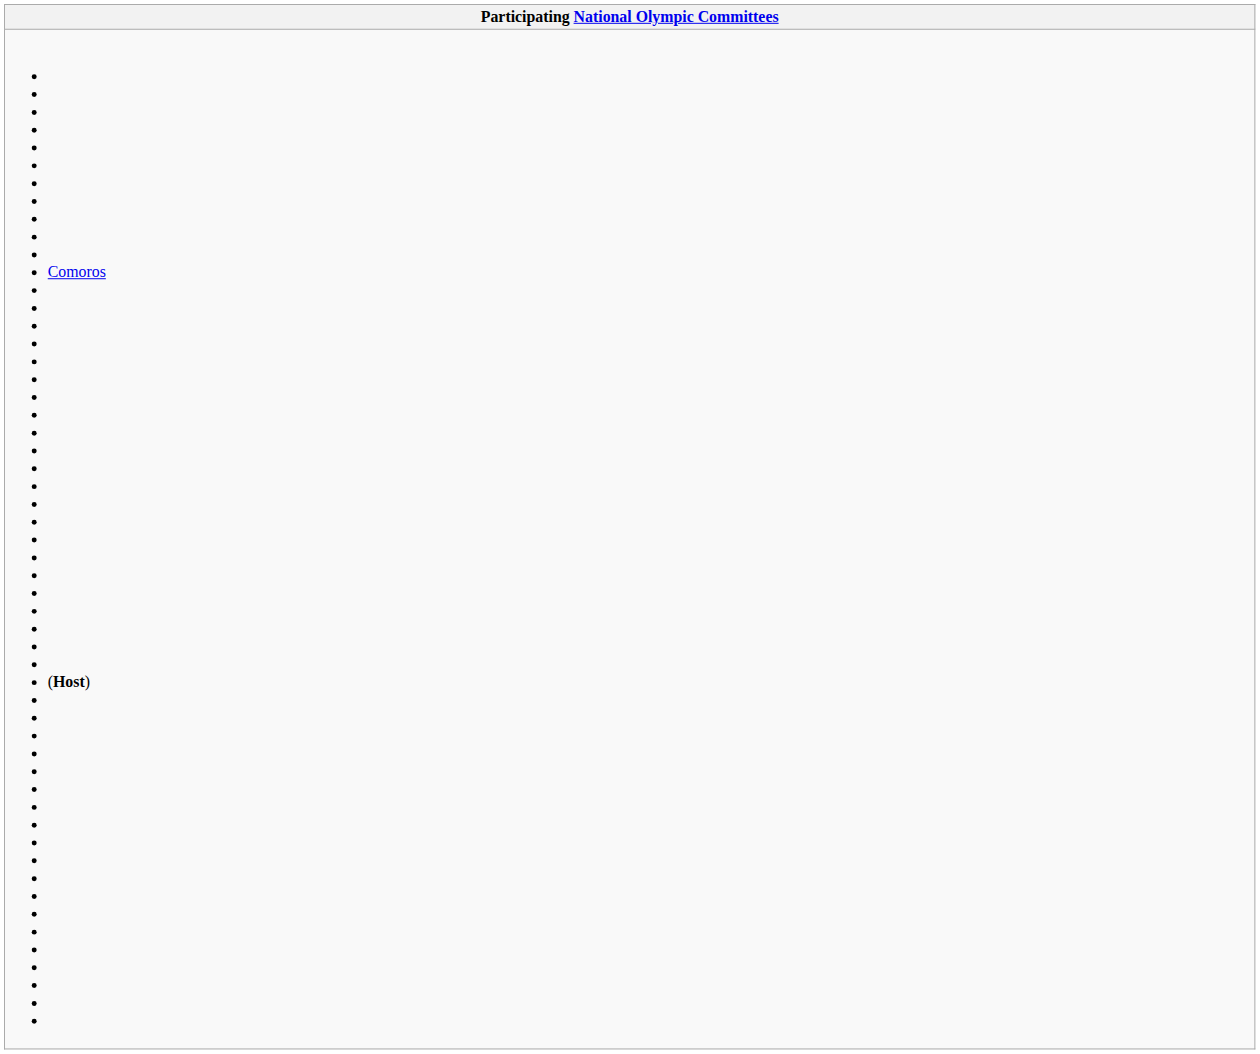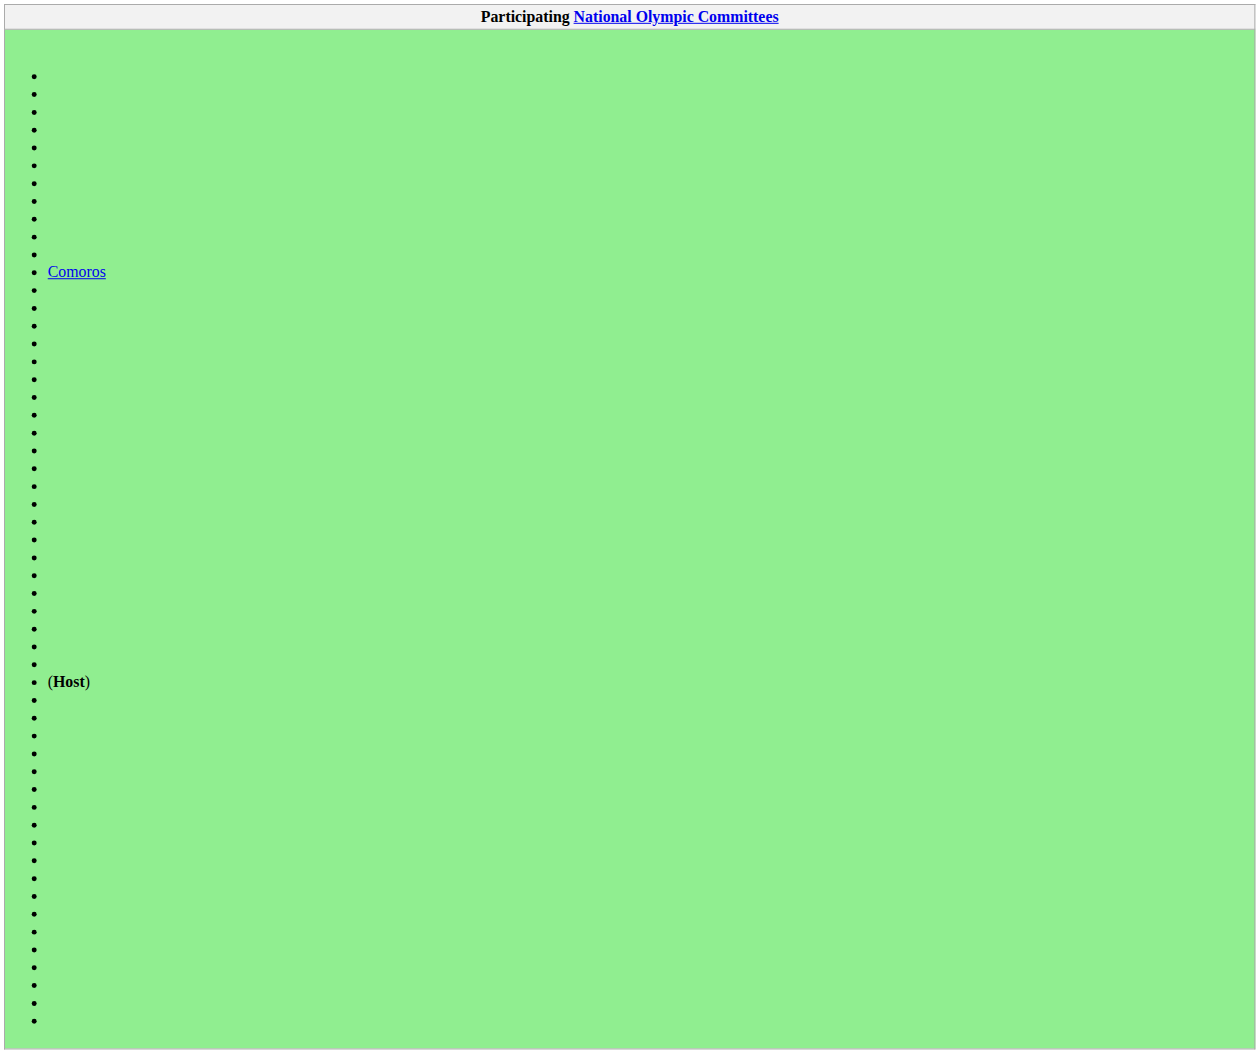 <table class="wikitable collapsible" style="width:100%">
 <tr>
 <th>Participating <a href='#'>National Olympic Committees</a></th>
 </tr>
 <tr>
-<td><br><ul><li></li><li></li><li></li><li></li><li></li><li></li><li></li><li></li><li></li><li></li><li></li><li> <a href='#'>Comoros</a></li><li></li><li></li><li></li><li></li><li></li><li></li><li></li><li></li><li></li><li></li><li></li><li></li><li></li><li></li><li></li><li></li><li></li><li></li><li></li><li></li><li></li><li></li><li> (<strong>Host</strong>)</li><li></li><li></li><li></li><li></li><li></li><li></li><li></li><li></li><li></li><li></li><li></li><li></li><li></li><li></li><li></li><li></li><li></li><li></li><li></li></ul></td>
+<td style="background: lightgreen;"><br><ul><li></li><li></li><li></li><li></li><li></li><li></li><li></li><li></li><li></li><li></li><li></li><li> <a href='#'>Comoros</a></li><li></li><li></li><li></li><li></li><li></li><li></li><li></li><li></li><li></li><li></li><li></li><li></li><li></li><li></li><li></li><li></li><li></li><li></li><li></li><li></li><li></li><li></li><li> (<strong>Host</strong>)</li><li></li><li></li><li></li><li></li><li></li><li></li><li></li><li></li><li></li><li></li><li></li><li></li><li></li><li></li><li></li><li></li><li></li><li></li><li></li></ul></td>
 </tr>
 </table>
